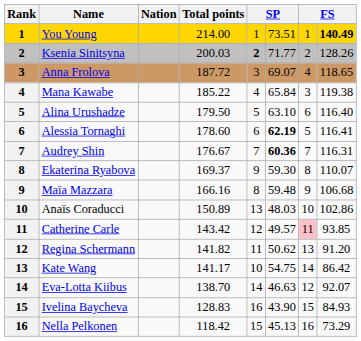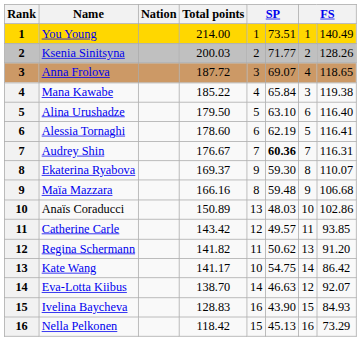 <table class="wikitable sortable" style="text-align:center">
 <tr>
 <th>Rank</th>
 <th>Name</th>
 <th>Nation</th>
 <th>Total points</th>
 <th colspan=2><a href='#'>SP</a></th>
 <th colspan=2><a href='#'>FS</a></th>
 </tr>
 <tr bgcolor="gold">
 <td align="center"><strong>1</strong></td>
 <td align="left"><a href='#'>You Young</a></td>
 <td align="left"></td>
 <td>214.00</td>
 <td>1</td>
 <td>73.51</td>
 <td>1</td>
-<td><strong>140.49</strong></td>
+<td>140.49</td>
 </tr>
 <tr bgcolor="silver">
 <td align="center"><strong>2</strong></td>
 <td align="left"><a href='#'>Ksenia Sinitsyna</a></td>
 <td align="left"></td>
 <td>200.03</td>
-<td><strong>2</strong></td>
+<td>2</td>
 <td>71.77</td>
 <td>2</td>
 <td>128.26</td>
 </tr>
 <tr bgcolor="cc9966">
 <td align="center"><strong>3</strong></td>
 <td align="left"><a href='#'>Anna Frolova</a></td>
 <td align="left"></td>
 <td>187.72</td>
 <td>3</td>
 <td>69.07</td>
 <td>4</td>
 <td>118.65</td>
 </tr>
 <tr>
 <th>4</th>
 <td align="left"><a href='#'>Mana Kawabe</a></td>
 <td align="left"></td>
 <td>185.22</td>
 <td>4</td>
 <td>65.84</td>
 <td>3</td>
 <td>119.38</td>
 </tr>
 <tr>
 <th>5</th>
 <td align="left"><a href='#'>Alina Urushadze</a></td>
 <td align="left"></td>
 <td>179.50</td>
 <td>5</td>
 <td>63.10</td>
 <td>6</td>
 <td>116.40</td>
 </tr>
 <tr>
 <th>6</th>
 <td align="left"><a href='#'>Alessia Tornaghi</a></td>
 <td align="left"></td>
 <td>178.60</td>
 <td>6</td>
-<td><strong>62.19</strong></td>
+<td>62.19</td>
 <td>5</td>
 <td>116.41</td>
 </tr>
 <tr>
 <th>7</th>
 <td align="left"><a href='#'>Audrey Shin</a></td>
 <td align="left"></td>
 <td>176.67</td>
 <td>7</td>
 <td><strong>60.36</strong></td>
 <td>7</td>
 <td>116.31</td>
 </tr>
 <tr>
 <th>8</th>
 <td align="left"><a href='#'>Ekaterina Ryabova</a></td>
 <td align="left"></td>
 <td>169.37</td>
 <td>9</td>
 <td>59.30</td>
 <td>8</td>
 <td>110.07</td>
 </tr>
 <tr>
 <th>9</th>
 <td align="left"><a href='#'>Maïa Mazzara</a></td>
 <td align="left"></td>
 <td>166.16</td>
 <td>8</td>
 <td>59.48</td>
 <td>9</td>
 <td>106.68</td>
 </tr>
 <tr>
 <th>10</th>
 <td align="left">Anaïs Coraducci</td>
 <td align="left"></td>
 <td>150.89</td>
 <td>13</td>
 <td>48.03</td>
 <td>10</td>
 <td>102.86</td>
 </tr>
 <tr>
 <th>11</th>
 <td align="left"><a href='#'>Catherine Carle</a></td>
 <td align="left"></td>
 <td>143.42</td>
 <td>12</td>
 <td>49.57</td>
-<td style="background: pink;">11</td>
+<td>11</td>
 <td>93.85</td>
 </tr>
 <tr>
 <th>12</th>
 <td align="left"><a href='#'>Regina Schermann</a></td>
 <td align="left"></td>
 <td>141.82</td>
 <td>11</td>
 <td>50.62</td>
 <td>13</td>
 <td>91.20</td>
 </tr>
 <tr>
 <th>13</th>
 <td align="left"><a href='#'>Kate Wang</a></td>
 <td align="left"></td>
 <td>141.17</td>
 <td>10</td>
 <td>54.75</td>
 <td>14</td>
 <td>86.42</td>
 </tr>
 <tr>
 <th>14</th>
 <td align="left"><a href='#'>Eva-Lotta Kiibus</a></td>
 <td align="left"></td>
 <td>138.70</td>
 <td>14</td>
 <td>46.63</td>
 <td>12</td>
 <td>92.07</td>
 </tr>
 <tr>
 <th>15</th>
 <td align="left"><a href='#'>Ivelina Baycheva</a></td>
 <td align="left"></td>
 <td>128.83</td>
 <td>16</td>
 <td>43.90</td>
 <td>15</td>
 <td>84.93</td>
 </tr>
 <tr>
 <th>16</th>
 <td align="left"><a href='#'>Nella Pelkonen</a></td>
 <td align="left"></td>
 <td>118.42</td>
 <td>15</td>
 <td>45.13</td>
 <td>16</td>
 <td>73.29</td>
 </tr>
 </table>
